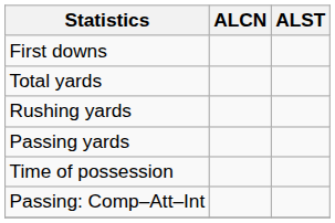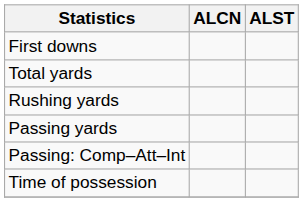 <table class="wikitable" style="float: left;">
 <tr>
 <th>Statistics</th>
 <th>ALCN</th>
 <th>ALST</th>
 </tr>
 <tr>
 <td>First downs</td>
 <td></td>
 <td></td>
 </tr>
 <tr>
 <td>Total yards</td>
 <td></td>
 <td></td>
 </tr>
 <tr>
 <td>Rushing yards</td>
 <td></td>
 <td></td>
 </tr>
 <tr>
 <td>Passing yards</td>
 <td></td>
 <td></td>
 </tr>
 <tr>
-<td>Time of possession</td>
+<td>Passing: Comp–Att–Int</td>
 <td></td>
 <td></td>
 </tr>
 <tr>
-<td>Passing: Comp–Att–Int</td>
+<td>Time of possession</td>
 <td></td>
 <td></td>
 </tr>
 <tr>
 </tr>
 </table>
